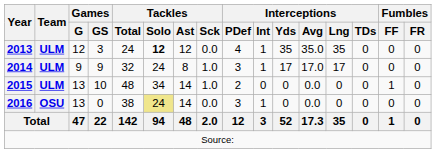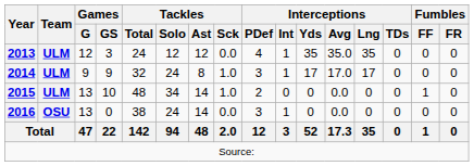 <table class="wikitable" style="text-align: center;">
 <tr>
 <th rowspan=2>Year</th>
 <th rowspan=2>Team</th>
 <th colspan="2">Games</th>
 <th colspan=4>Tackles</th>
 <th colspan=6>Interceptions</th>
 <th colspan=2>Fumbles</th>
 </tr>
 <tr>
 <th>G</th>
 <th>GS</th>
 <th>Total</th>
 <th>Solo</th>
 <th>Ast</th>
 <th>Sck</th>
 <th>PDef</th>
 <th>Int</th>
 <th>Yds</th>
 <th>Avg</th>
 <th>Lng</th>
 <th>TDs</th>
 <th>FF</th>
 <th>FR</th>
 </tr>
 <tr>
 <th><a href='#'>2013</a></th>
 <th><a href='#'>ULM</a></th>
 <td>12</td>
 <td>3</td>
 <td>24</td>
-<td><strong>12</strong></td>
+<td>12</td>
 <td>12</td>
 <td>0.0</td>
 <td>4</td>
 <td>1</td>
 <td>35</td>
 <td>35.0</td>
 <td>35</td>
 <td>0</td>
 <td>0</td>
 <td>0</td>
 </tr>
 <tr>
 <th><a href='#'>2014</a></th>
 <th><a href='#'>ULM</a></th>
 <td>9</td>
 <td>9</td>
 <td>32</td>
 <td>24</td>
 <td>8</td>
 <td>1.0</td>
 <td>3</td>
 <td>1</td>
 <td>17</td>
 <td>17.0</td>
 <td>17</td>
 <td>0</td>
 <td>0</td>
 <td>0</td>
 </tr>
 <tr>
 <th><a href='#'>2015</a></th>
 <th><a href='#'>ULM</a></th>
 <td>13</td>
 <td>10</td>
 <td>48</td>
 <td>34</td>
 <td>14</td>
 <td>1.0</td>
 <td>2</td>
 <td>0</td>
 <td>0</td>
 <td>0.0</td>
 <td>0</td>
 <td>0</td>
 <td>1</td>
 <td>0</td>
 </tr>
 <tr>
 <th><a href='#'>2016</a></th>
 <th><a href='#'>OSU</a></th>
 <td>13</td>
 <td>0</td>
 <td>38</td>
-<td style="background: khaki;">24</td>
+<td>24</td>
 <td>14</td>
 <td>0.0</td>
 <td>3</td>
 <td>1</td>
 <td>0</td>
 <td>0.0</td>
 <td>0</td>
 <td>0</td>
 <td>0</td>
 <td>0</td>
 </tr>
 <tr>
 <th colspan=2>Total</th>
 <th>47</th>
 <th>22</th>
 <th>142</th>
 <th>94</th>
 <th>48</th>
 <th>2.0</th>
 <th>12</th>
 <th>3</th>
 <th>52</th>
 <th>17.3</th>
 <th>35</th>
 <th>0</th>
 <th>1</th>
 <th>0</th>
 </tr>
 <tr>
 <td colspan="17"><small>Source: </small></td>
 </tr>
 </table>
